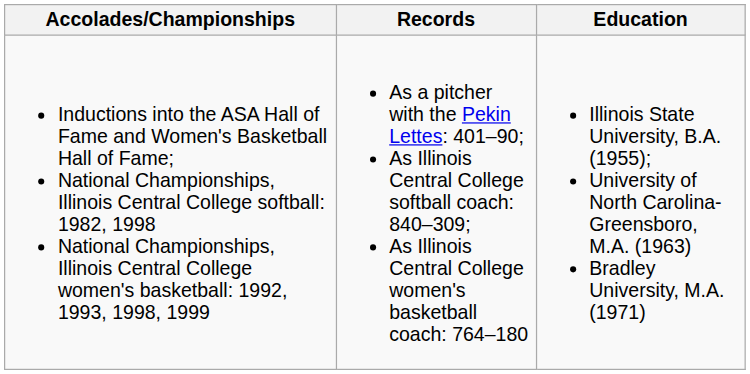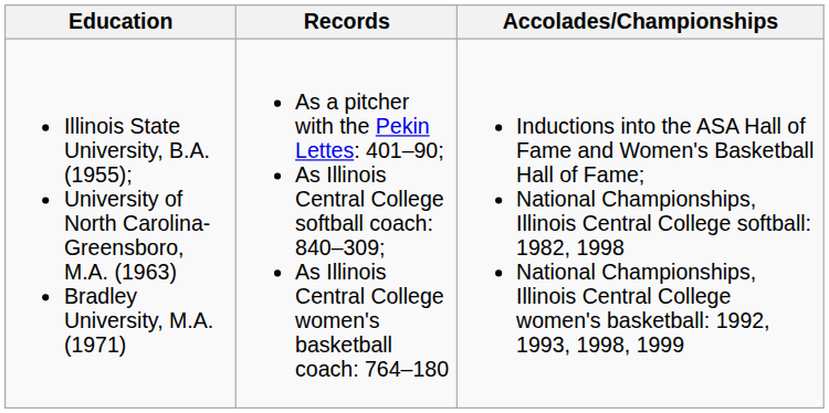 <table class="wikitable">
 <tr>
+<th>Education</th>
+<th>Records</th>
 <th>Accolades/Championships</th>
-<th>Records</th>
-<th>Education</th>
 </tr>
 <tr>
+<td><br><ul><li>Illinois State University, B.A. (1955);</li><li>University of North Carolina- Greensboro, M.A. (1963)</li><li>Bradley University, M.A. (1971)</li></ul></td>
+<td><br><ul><li>As a pitcher with the <a href='#'>Pekin Lettes</a>: 401–90;</li><li>As Illinois Central College softball coach: 840–309;</li><li>As Illinois Central College women's basketball coach: 764–180</li></ul></td>
 <td><br><ul><li>Inductions into the ASA Hall of Fame and Women's Basketball Hall of Fame;</li><li>National Championships, Illinois Central College softball: 1982, 1998</li><li>National Championships, Illinois Central College women's basketball: 1992, 1993, 1998, 1999</li></ul></td>
-<td><br><ul><li>As a pitcher with the <a href='#'>Pekin Lettes</a>: 401–90;</li><li>As Illinois Central College softball coach: 840–309;</li><li>As Illinois Central College women's basketball coach: 764–180</li></ul></td>
-<td><br><ul><li>Illinois State University, B.A. (1955);</li><li>University of North Carolina- Greensboro, M.A. (1963)</li><li>Bradley University, M.A. (1971)</li></ul></td>
 </tr>
 </table>
